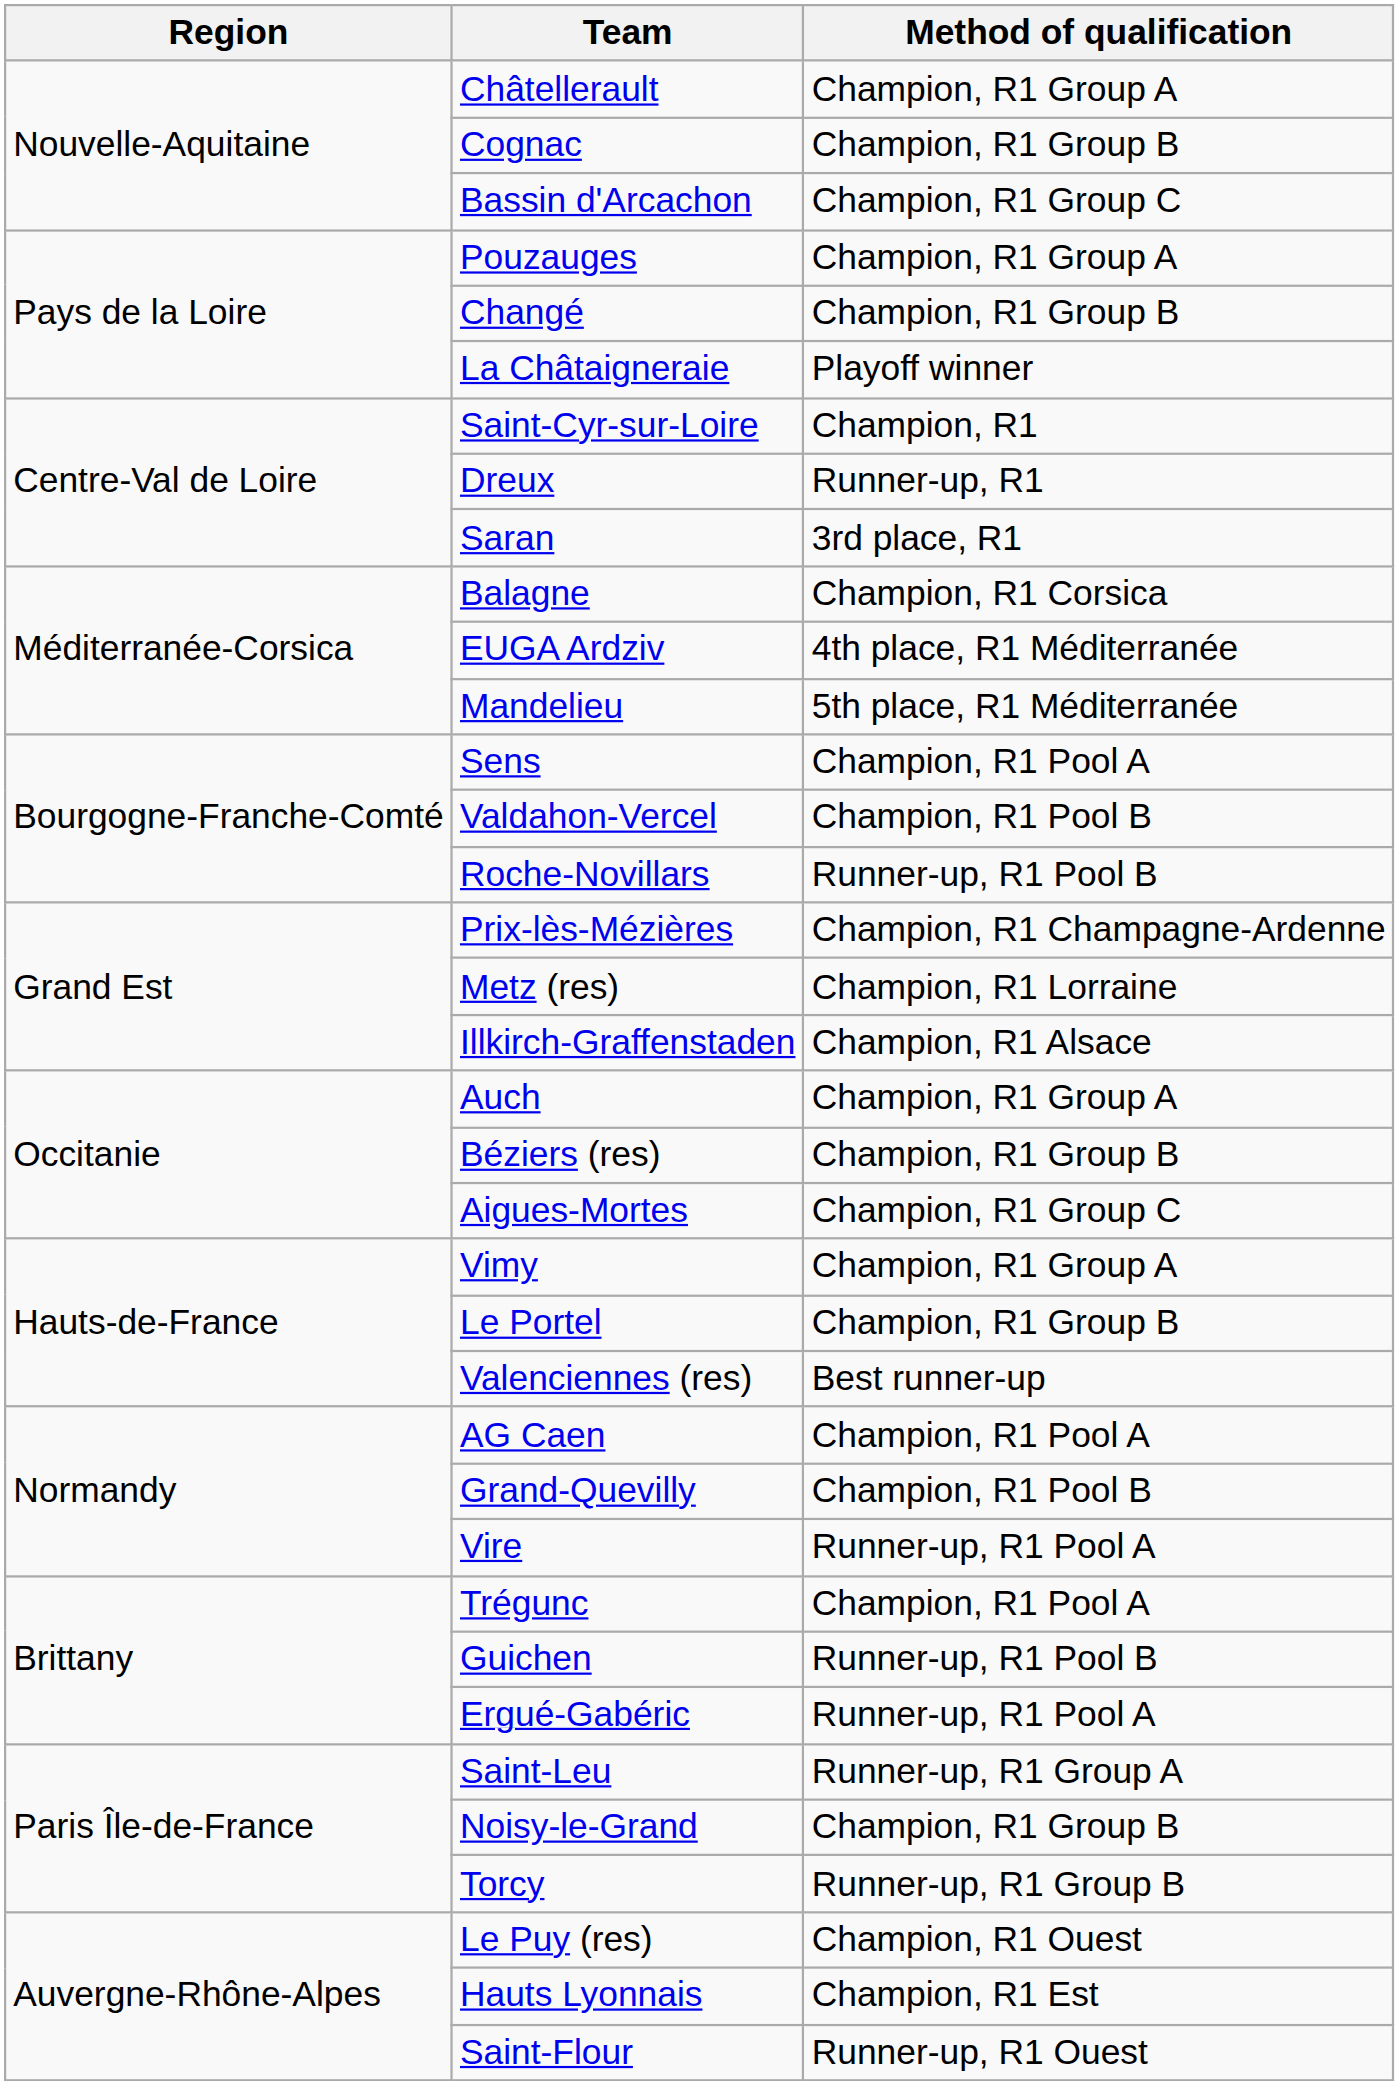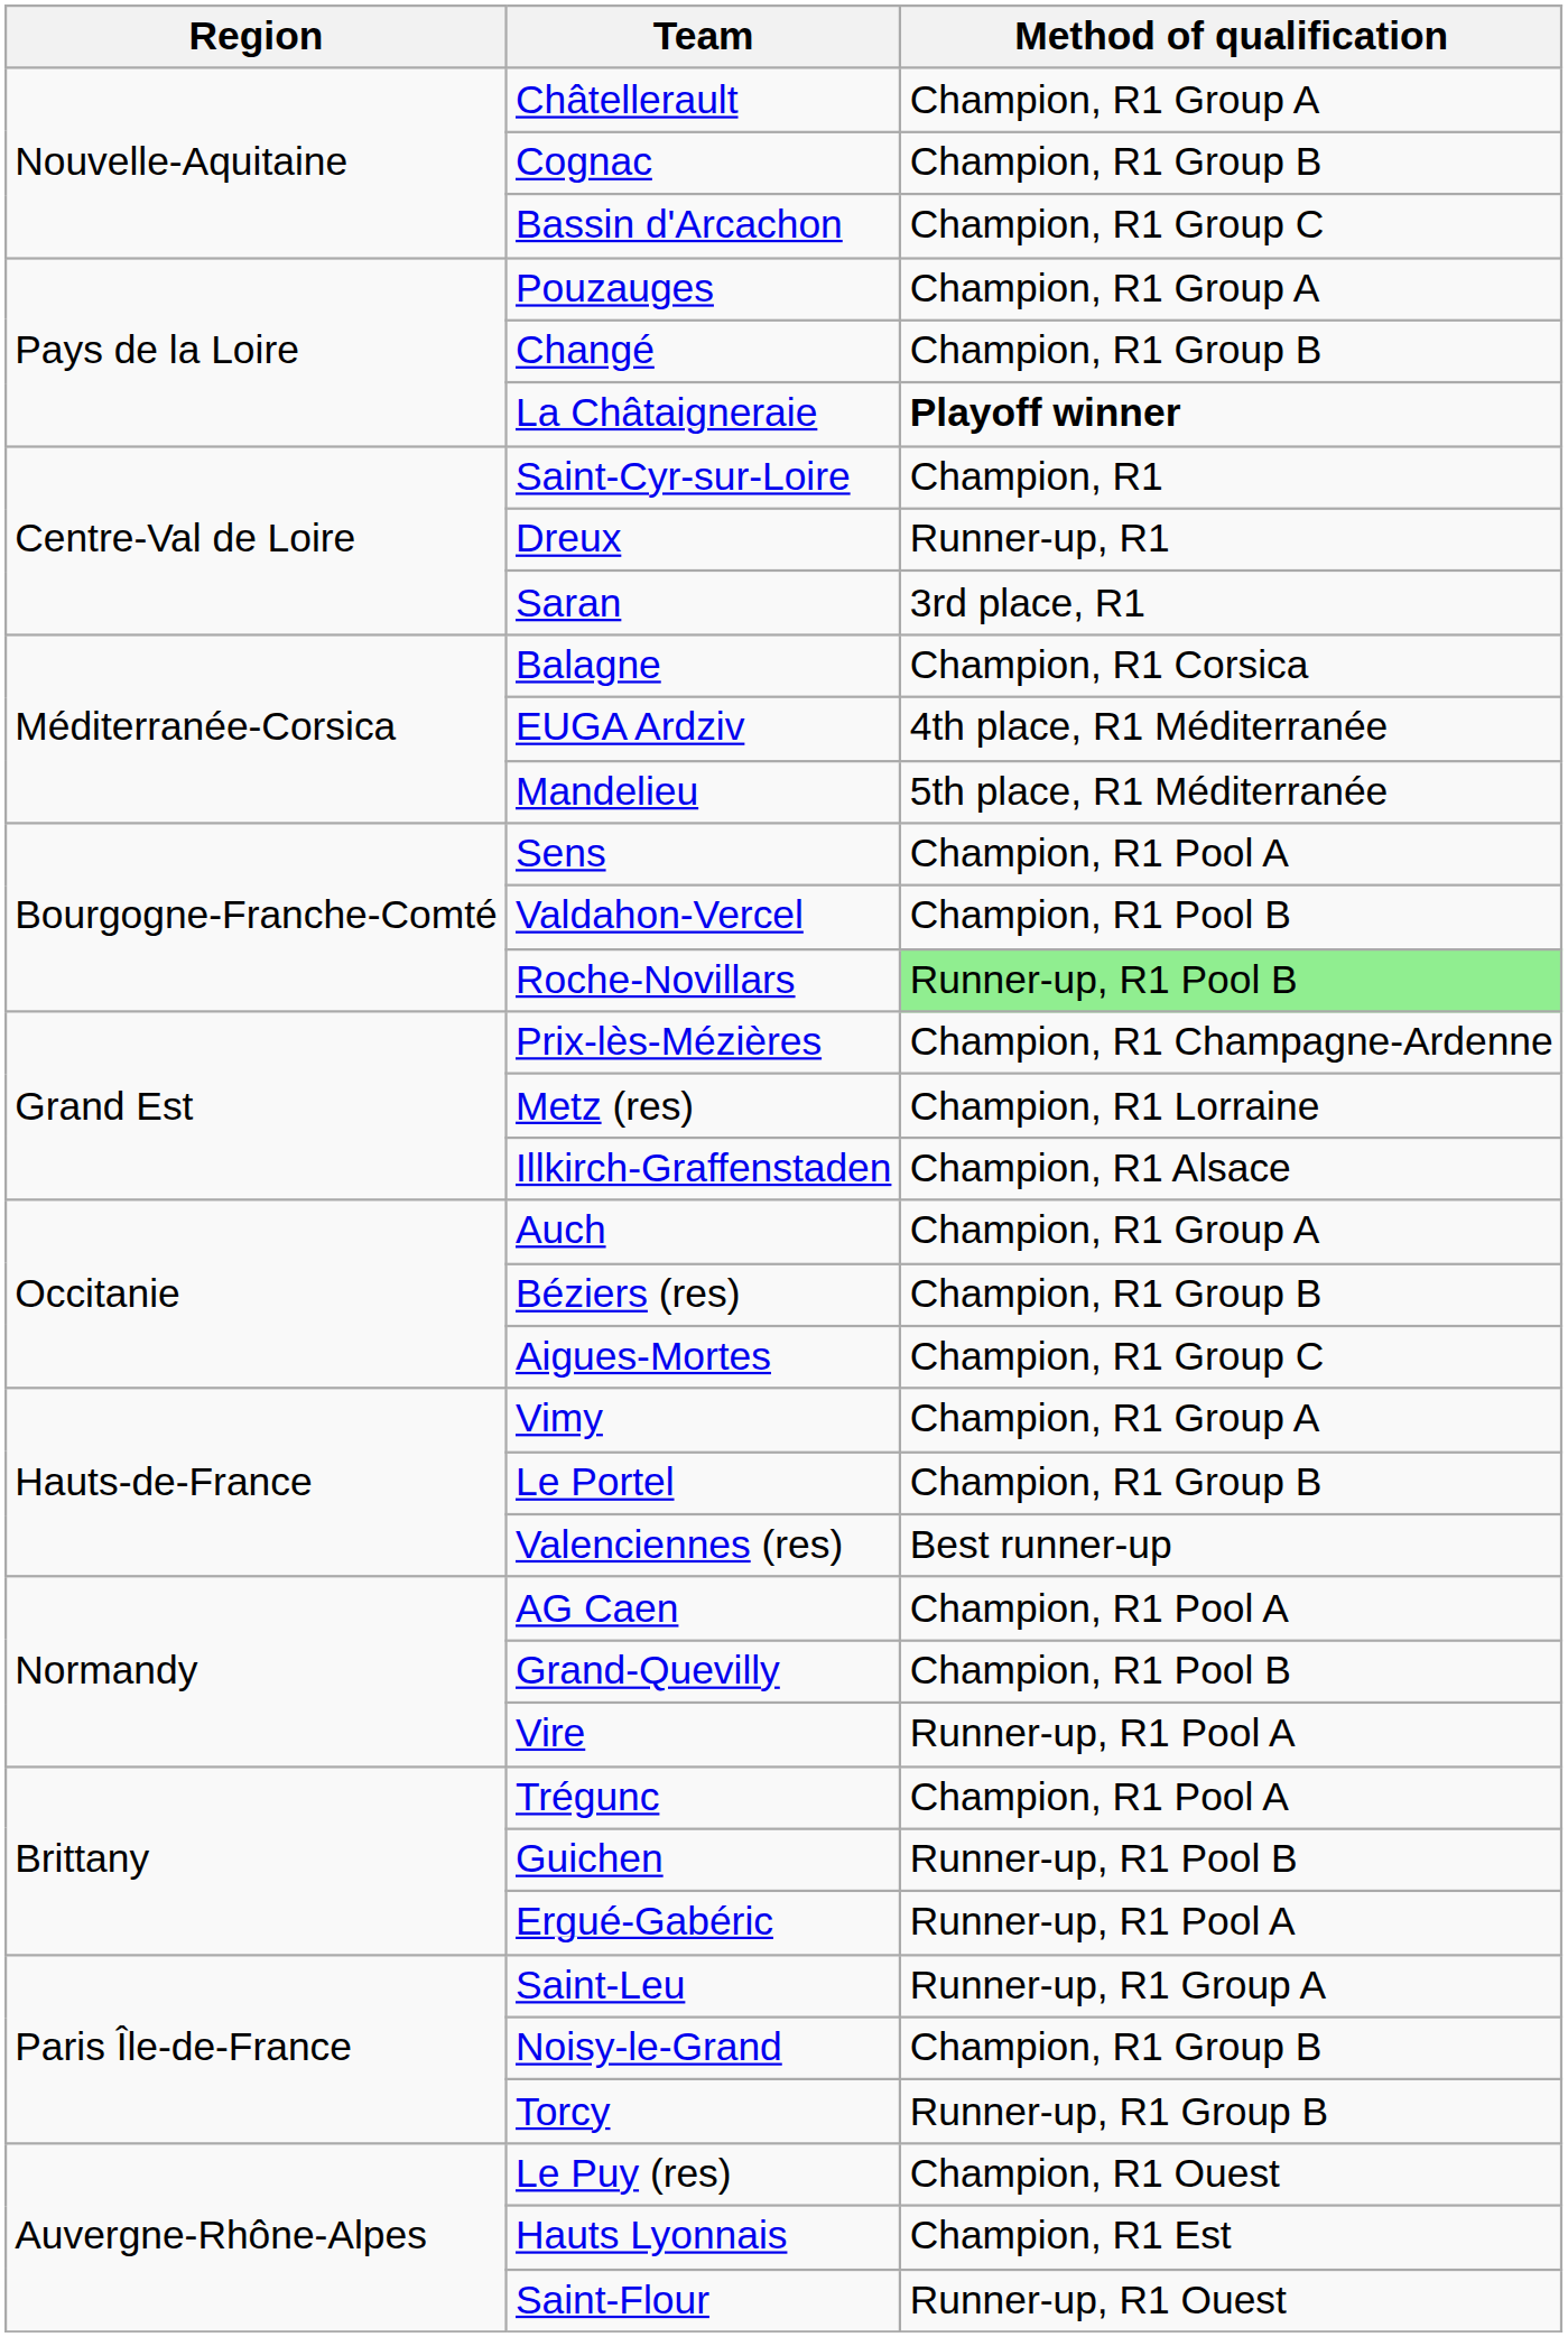 <table class="wikitable">
 <tr>
 <th>Region</th>
 <th>Team</th>
 <th>Method of qualification</th>
 </tr>
 <tr>
 <td rowspan=3>Nouvelle-Aquitaine</td>
 <td><a href='#'>Châtellerault</a></td>
 <td>Champion, R1 Group A</td>
 </tr>
 <tr>
 <td><a href='#'>Cognac</a></td>
 <td>Champion, R1 Group B</td>
 </tr>
 <tr>
 <td><a href='#'>Bassin d'Arcachon</a></td>
 <td>Champion, R1 Group C</td>
 </tr>
 <tr>
 <td rowspan=3>Pays de la Loire</td>
 <td><a href='#'>Pouzauges</a></td>
 <td>Champion, R1 Group A</td>
 </tr>
 <tr>
 <td><a href='#'>Changé</a></td>
 <td>Champion, R1 Group B</td>
 </tr>
 <tr>
 <td><a href='#'>La Châtaigneraie</a></td>
-<td>Playoff winner</td>
+<td><strong>Playoff winner</strong></td>
 </tr>
 <tr>
 <td rowspan=3>Centre-Val de Loire</td>
 <td><a href='#'>Saint-Cyr-sur-Loire</a></td>
 <td>Champion, R1</td>
 </tr>
 <tr>
 <td><a href='#'>Dreux</a></td>
 <td>Runner-up, R1</td>
 </tr>
 <tr>
 <td><a href='#'>Saran</a></td>
 <td>3rd place, R1</td>
 </tr>
 <tr>
 <td rowspan=3>Méditerranée-Corsica</td>
 <td><a href='#'>Balagne</a></td>
 <td>Champion, R1 Corsica</td>
 </tr>
 <tr>
 <td><a href='#'>EUGA Ardziv</a></td>
 <td>4th place, R1 Méditerranée</td>
 </tr>
 <tr>
 <td><a href='#'>Mandelieu</a></td>
 <td>5th place, R1 Méditerranée</td>
 </tr>
 <tr>
 <td rowspan=3>Bourgogne-Franche-Comté</td>
 <td><a href='#'>Sens</a></td>
 <td>Champion, R1 Pool A</td>
 </tr>
 <tr>
 <td><a href='#'>Valdahon-Vercel</a></td>
 <td>Champion, R1 Pool B</td>
 </tr>
 <tr>
 <td><a href='#'>Roche-Novillars</a></td>
-<td>Runner-up, R1 Pool B</td>
+<td style="background: lightgreen;">Runner-up, R1 Pool B</td>
 </tr>
 <tr>
 <td rowspan=3>Grand Est</td>
 <td><a href='#'>Prix-lès-Mézières</a></td>
 <td>Champion, R1 Champagne-Ardenne</td>
 </tr>
 <tr>
 <td><a href='#'>Metz</a> (res)</td>
 <td>Champion, R1 Lorraine</td>
 </tr>
 <tr>
 <td><a href='#'>Illkirch-Graffenstaden</a></td>
 <td>Champion, R1 Alsace</td>
 </tr>
 <tr>
 <td rowspan=3>Occitanie</td>
 <td><a href='#'>Auch</a></td>
 <td>Champion, R1 Group A</td>
 </tr>
 <tr>
 <td><a href='#'>Béziers</a> (res)</td>
 <td>Champion, R1 Group B</td>
 </tr>
 <tr>
 <td><a href='#'>Aigues-Mortes</a></td>
 <td>Champion, R1 Group C</td>
 </tr>
 <tr>
 <td rowspan=3>Hauts-de-France</td>
 <td><a href='#'>Vimy</a></td>
 <td>Champion, R1 Group A</td>
 </tr>
 <tr>
 <td><a href='#'>Le Portel</a></td>
 <td>Champion, R1 Group B</td>
 </tr>
 <tr>
 <td><a href='#'>Valenciennes</a> (res)</td>
 <td>Best runner-up</td>
 </tr>
 <tr>
 <td rowspan=3>Normandy</td>
 <td><a href='#'>AG Caen</a></td>
 <td>Champion, R1 Pool A</td>
 </tr>
 <tr>
 <td><a href='#'>Grand-Quevilly</a></td>
 <td>Champion, R1 Pool B</td>
 </tr>
 <tr>
 <td><a href='#'>Vire</a></td>
 <td>Runner-up, R1 Pool A</td>
 </tr>
 <tr>
 <td rowspan=3>Brittany</td>
 <td><a href='#'>Trégunc</a></td>
 <td>Champion, R1 Pool A</td>
 </tr>
 <tr>
 <td><a href='#'>Guichen</a></td>
 <td>Runner-up, R1 Pool B</td>
 </tr>
 <tr>
 <td><a href='#'>Ergué-Gabéric</a></td>
 <td>Runner-up, R1 Pool A</td>
 </tr>
 <tr>
 <td rowspan=3>Paris Île-de-France</td>
 <td><a href='#'>Saint-Leu</a></td>
 <td>Runner-up, R1 Group A</td>
 </tr>
 <tr>
 <td><a href='#'>Noisy-le-Grand</a></td>
 <td>Champion, R1 Group B</td>
 </tr>
 <tr>
 <td><a href='#'>Torcy</a></td>
 <td>Runner-up, R1 Group B</td>
 </tr>
 <tr>
 <td rowspan=3>Auvergne-Rhône-Alpes</td>
 <td><a href='#'>Le Puy</a> (res)</td>
 <td>Champion, R1 Ouest</td>
 </tr>
 <tr>
 <td><a href='#'>Hauts Lyonnais</a></td>
 <td>Champion, R1 Est</td>
 </tr>
 <tr>
 <td><a href='#'>Saint-Flour</a></td>
 <td>Runner-up, R1 Ouest</td>
 </tr>
 </table>
